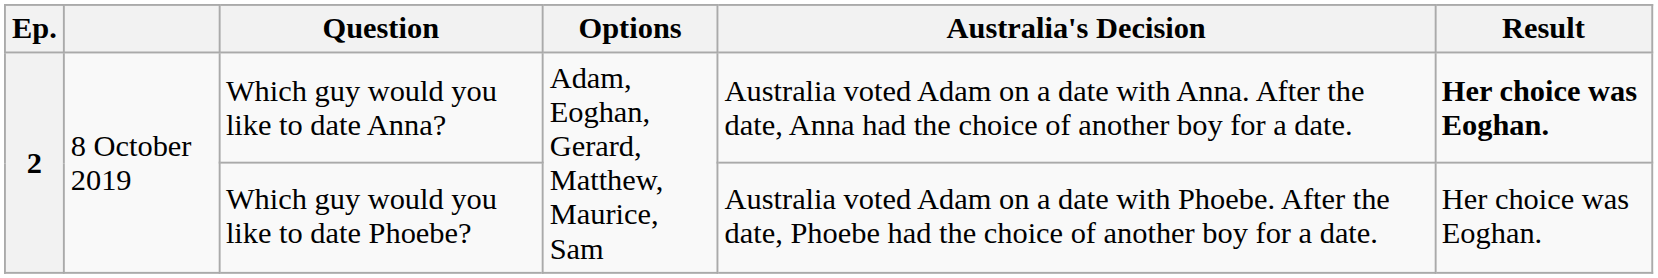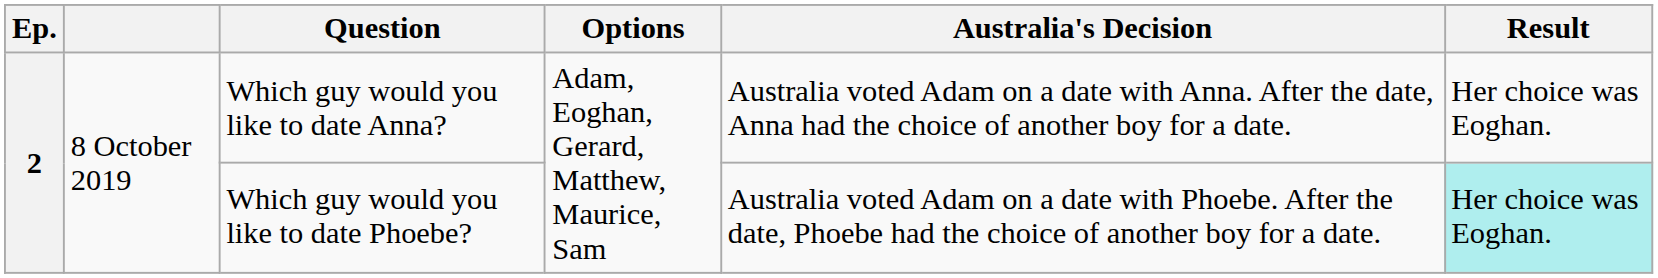 <table class="wikitable">
 <tr>
 <th>Ep.</th>
 <th></th>
 <th>Question</th>
 <th>Options</th>
 <th>Australia's Decision</th>
 <th colspan=2>Result</th>
 </tr>
 <tr>
 <th rowspan=2>2</th>
 <td rowspan=2>8 October 2019</td>
 <td>Which guy would you like to date Anna?</td>
 <td rowspan=2>Adam, Eoghan, <br>Gerard, Matthew, <br>Maurice, Sam</td>
 <td>Australia voted Adam on a date with Anna. After the date, Anna had the choice of another boy for a date.</td>
-<td><strong>Her choice was Eoghan.</strong></td>
+<td>Her choice was Eoghan.</td>
 </tr>
 <tr>
 <td>Which guy would you like to date Phoebe?</td>
 <td>Australia voted Adam on a date with Phoebe. After the date, Phoebe had the choice of another boy for a date.</td>
-<td>Her choice was Eoghan.</td>
+<td style="background: paleturquoise;">Her choice was Eoghan.</td>
 </tr>
 </table>
